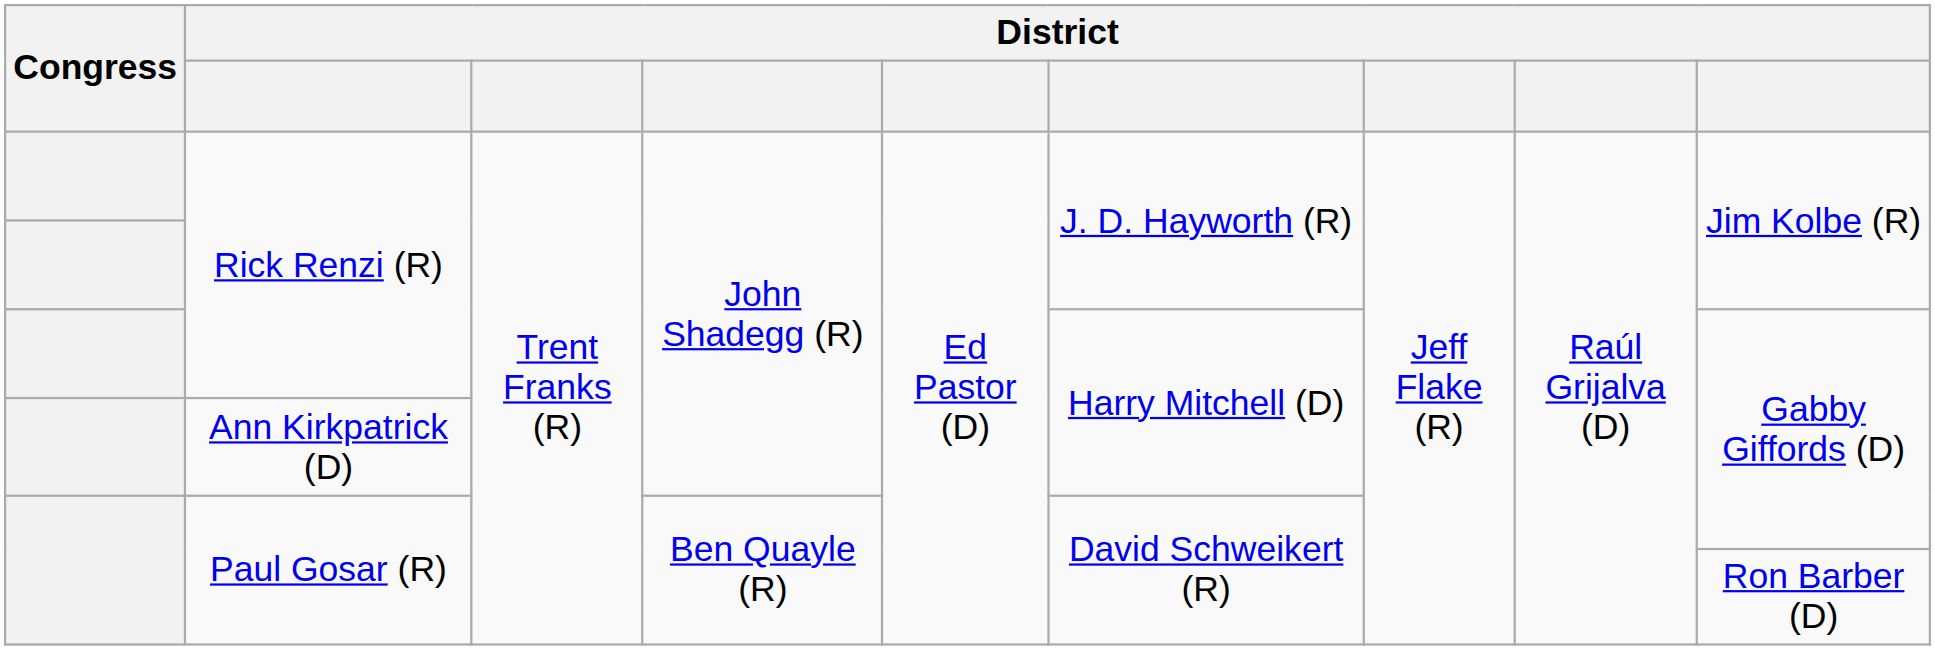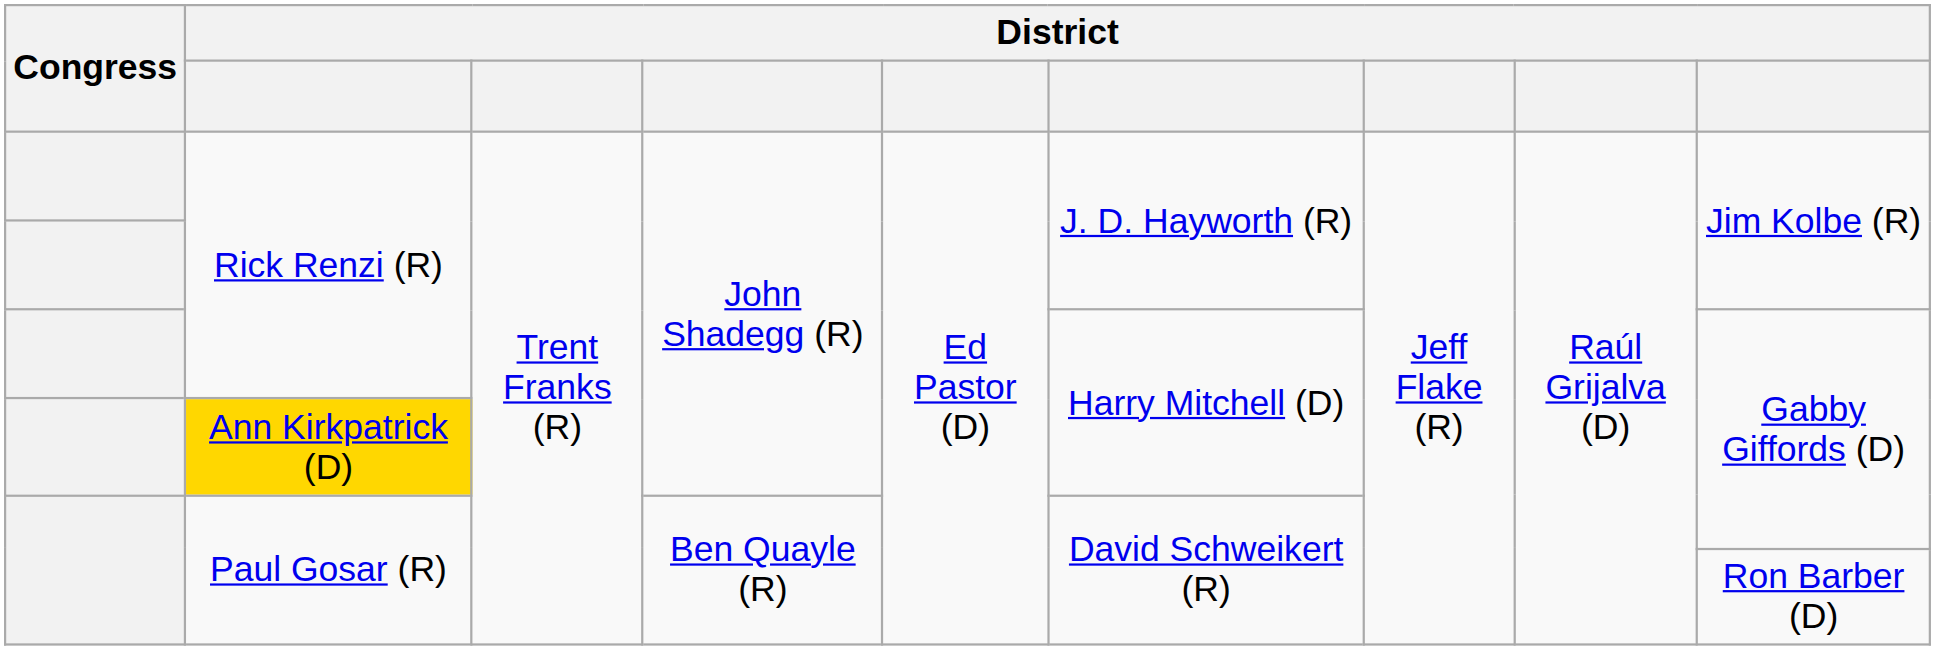 <table class=wikitable style="text-align:center">
 <tr>
 <th scope="col" rowspan=2>Congress</th>
 <th scope="colgroup" colspan=8>District</th>
 </tr>
 <tr style="height:2em">
 <th scope="col"></th>
 <th scope="col"></th>
 <th scope="col"></th>
 <th scope="col"></th>
 <th scope="col"></th>
 <th scope="col"></th>
 <th scope="col"></th>
 <th scope="col"></th>
 </tr>
 <tr style="height:2.5em">
 <th scope="row"> </th>
 <td rowspan=3 ><a href='#'>Rick Renzi</a> (R)</td>
 <td rowspan=6 ><a href='#'>Trent<br>Franks</a> (R)</td>
 <td rowspan=4 ><a href='#'>John<br>Shadegg</a> (R)</td>
 <td rowspan=6 ><a href='#'>Ed<br>Pastor</a> (D)</td>
 <td rowspan=2 ><a href='#'>J. D. Hayworth</a> (R)</td>
 <td rowspan=6 ><a href='#'>Jeff<br>Flake</a> (R)</td>
 <td rowspan=6 ><a href='#'>Raúl<br>Grijalva</a> (D)</td>
 <td rowspan=2 ><a href='#'>Jim Kolbe</a> (R)</td>
 </tr>
 <tr style="height:2.5em">
 <th scope="row"> </th>
 </tr>
 <tr style="height:2.5em">
 <th scope="row"> </th>
 <td rowspan=2 ><a href='#'>Harry Mitchell</a> (D)</td>
 <td rowspan=3 ><a href='#'>Gabby<br>Giffords</a> (D)</td>
 </tr>
 <tr style="height:2.5em">
 <th scope="row"> </th>
-<td><a href='#'>Ann Kirkpatrick</a> (D)</td>
+<td style="background: gold;"><a href='#'>Ann Kirkpatrick</a> (D)</td>
 </tr>
 <tr style="height:1.5em">
 <th scope="row" rowspan=2> </th>
 <td rowspan=2 ><a href='#'>Paul Gosar</a> (R)</td>
 <td rowspan=2 ><a href='#'>Ben Quayle</a> (R)</td>
 <td rowspan=2 ><a href='#'>David Schweikert</a> (R)</td>
 </tr>
 <tr style="height:2em">
 <td><a href='#'>Ron Barber</a> (D)</td>
 </tr>
 </table>
